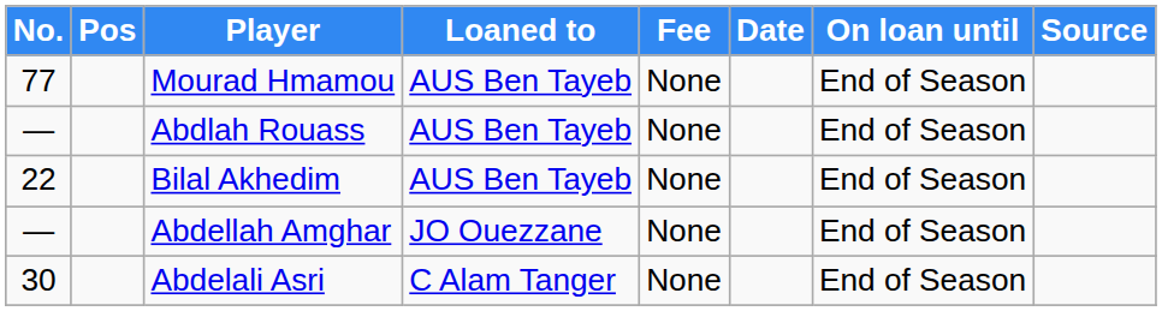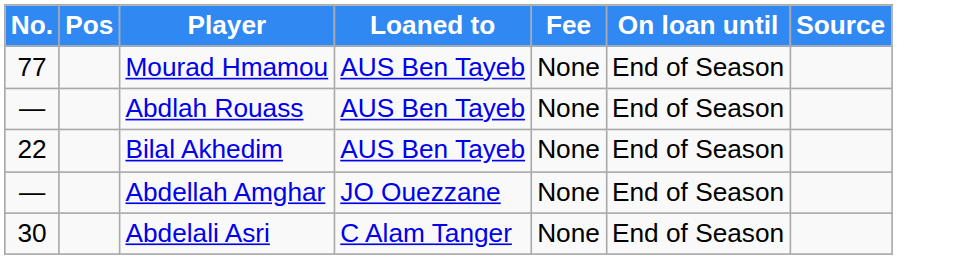 <table class="wikitable plainrowheaders sortable">
 <tr>
 <th style="background:#3088f2; color:#ffffff; ">No.</th>
 <th style="background:#3088f2; color:#ffffff; ">Pos</th>
 <th style="background:#3088f2; color:#ffffff; ">Player</th>
 <th style="background:#3088f2; color:#ffffff; ">Loaned to</th>
 <th style="background:#3088f2; color:#ffffff; ">Fee</th>
-<th style="background:#3088f2; color:#ffffff; ">Date</th>
 <th style="background:#3088f2; color:#ffffff; ">On loan until</th>
 <th style="background:#3088f2; color:#ffffff; ">Source</th>
 </tr>
 <tr>
 <td align=center>77</td>
 <td align=center></td>
 <td> <a href='#'>Mourad Hmamou</a></td>
 <td><a href='#'>AUS Ben Tayeb</a></td>
 <td>None</td>
-<td></td>
 <td>End of Season</td>
 <td></td>
 </tr>
 <tr>
 <td align=center>—</td>
 <td align=center></td>
 <td> <a href='#'>Abdlah Rouass</a></td>
 <td><a href='#'>AUS Ben Tayeb</a></td>
 <td>None</td>
-<td></td>
 <td>End of Season</td>
 <td></td>
 </tr>
 <tr>
 <td align=center>22</td>
 <td align=center></td>
 <td> <a href='#'>Bilal Akhedim</a></td>
 <td><a href='#'>AUS Ben Tayeb</a></td>
 <td>None</td>
-<td></td>
 <td>End of Season</td>
 <td></td>
 </tr>
 <tr>
 <td align=center>—</td>
 <td align=center></td>
 <td> <a href='#'>Abdellah Amghar</a></td>
 <td><a href='#'>JO Ouezzane</a></td>
 <td>None</td>
-<td></td>
 <td>End of Season</td>
 <td></td>
 </tr>
 <tr>
 <td align=center>30</td>
 <td align=center></td>
 <td> <a href='#'>Abdelali Asri</a></td>
 <td><a href='#'>C Alam Tanger</a></td>
 <td>None</td>
-<td></td>
 <td>End of Season</td>
 <td></td>
 </tr>
 </table>
